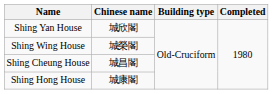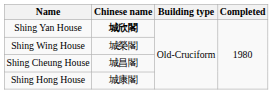 <table class="wikitable" style="text-align: center">
 <tr>
 <th>Name</th>
 <th>Chinese name</th>
 <th>Building type</th>
 <th>Completed</th>
 </tr>
 <tr>
 <td>Shing Yan House</td>
-<td>城欣閣</td>
+<td><strong>城欣閣</strong></td>
 <td rowspan="4">Old-Cruciform</td>
 <td rowspan="4">1980</td>
 </tr>
 <tr>
 <td>Shing Wing House</td>
 <td>城榮閣</td>
 </tr>
 <tr>
 <td>Shing Cheung House</td>
 <td>城昌閣</td>
 </tr>
 <tr>
 <td>Shing Hong House</td>
 <td>城康閣</td>
 </tr>
 </table>
